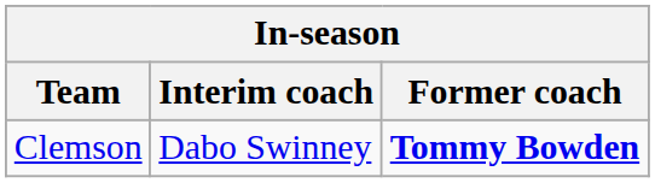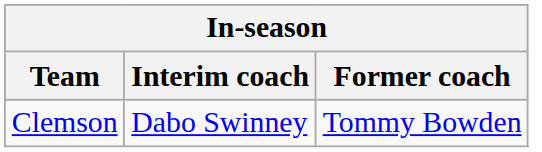 <table class="wikitable">
 <tr>
 <th colspan="3">In-season</th>
 </tr>
 <tr>
 <th>Team</th>
 <th>Interim coach</th>
 <th>Former coach</th>
 </tr>
 <tr>
 <td><a href='#'>Clemson</a></td>
 <td><a href='#'>Dabo Swinney</a></td>
-<td><strong><a href='#'>Tommy Bowden</a></strong></td>
+<td><a href='#'>Tommy Bowden</a></td>
 </tr>
 </table>
